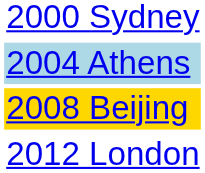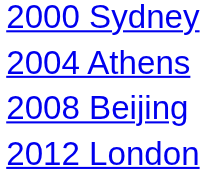 <table>
 <tr>
 <td><a href='#'>2000 Sydney</a></td>
 <td></td>
 <td></td>
 <td></td>
 </tr>
 <tr>
-<td style="background: lightblue;"><a href='#'>2004 Athens</a></td>
+<td><a href='#'>2004 Athens</a></td>
 <td></td>
 <td></td>
 <td></td>
 </tr>
 <tr>
-<td style="background: gold;"><a href='#'>2008 Beijing</a></td>
+<td><a href='#'>2008 Beijing</a></td>
 <td></td>
 <td></td>
 <td></td>
 </tr>
 <tr>
 <td><a href='#'>2012 London</a></td>
 <td></td>
 <td></td>
 <td></td>
 </tr>
 </table>
